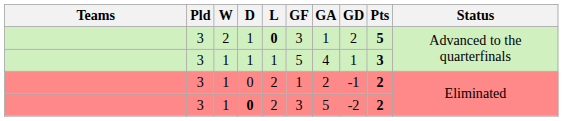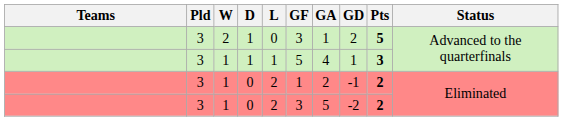 <table class=wikitable style="text-align:center">
 <tr>
 <th width=200>Teams</th>
 <th width=20>Pld</th>
 <th width=20>W</th>
 <th width=20>D</th>
 <th width=20>L</th>
 <th width=20>GF</th>
 <th width=20>GA</th>
 <th width=20>GD</th>
 <th width=20>Pts</th>
 <th width=181>Status</th>
 </tr>
 <tr bgcolor="#D0F0C0">
 <td style="text-align:left;"></td>
 <td>3</td>
 <td>2</td>
 <td>1</td>
-<td><strong>0</strong></td>
+<td>0</td>
 <td>3</td>
 <td>1</td>
 <td>2</td>
 <td><strong>5</strong></td>
 <td rowspan=2>Advanced to the quarterfinals</td>
 </tr>
 <tr bgcolor="#D0F0C0">
 <td style="text-align:left;"></td>
 <td>3</td>
 <td>1</td>
 <td>1</td>
 <td>1</td>
 <td>5</td>
 <td>4</td>
 <td>1</td>
 <td><strong>3</strong></td>
 </tr>
 <tr bgcolor=#FF8888>
 <td style="text-align:left;"></td>
 <td>3</td>
 <td>1</td>
 <td>0</td>
 <td>2</td>
 <td>1</td>
 <td>2</td>
 <td>-1</td>
 <td><strong>2</strong></td>
 <td rowspan=2>Eliminated</td>
 </tr>
 <tr bgcolor=#FF8888>
 <td style="text-align:left;"></td>
 <td>3</td>
 <td>1</td>
-<td><strong>0</strong></td>
+<td>0</td>
 <td>2</td>
 <td>3</td>
 <td>5</td>
 <td>-2</td>
 <td><strong>2</strong></td>
 </tr>
 </table>
